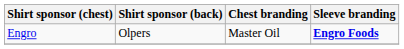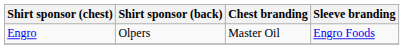 <table class="wikitable"  style="font-size:85%;">
 <tr>
 <th>Shirt sponsor (chest)</th>
 <th>Shirt sponsor (back)</th>
 <th>Chest branding</th>
 <th>Sleeve branding</th>
 </tr>
 <tr>
 <td><a href='#'>Engro</a></td>
 <td>Olpers</td>
 <td>Master Oil</td>
-<td><strong><a href='#'>Engro Foods</a></strong></td>
+<td><a href='#'>Engro Foods</a></td>
 </tr>
 <tr>
 </tr>
 </table>
